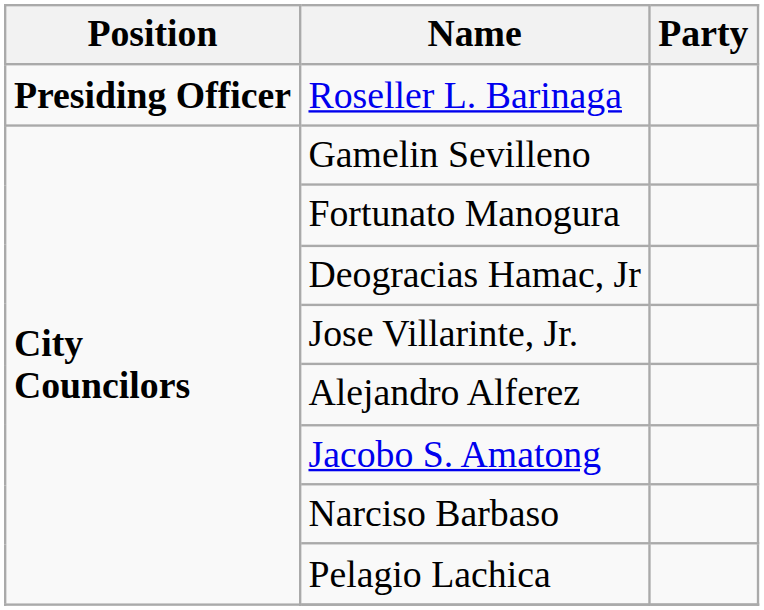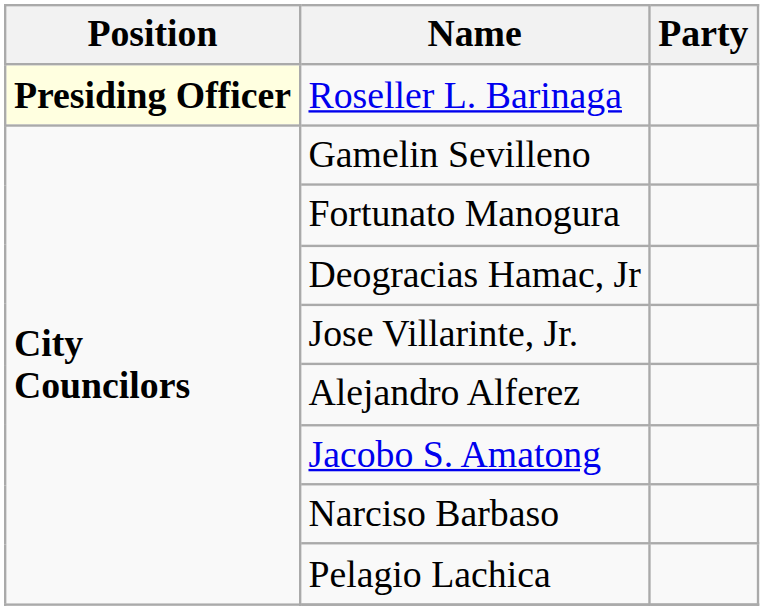 <table class=wikitable>
 <tr>
 <th>Position</th>
 <th>Name</th>
 <th colspan=2>Party</th>
 </tr>
 <tr>
-<td><strong>Presiding Officer</strong></td>
+<td style="background: lightyellow;"><strong>Presiding Officer</strong></td>
 <td><a href='#'>Roseller L. Barinaga</a></td>
 <td></td>
 </tr>
 <tr>
 <td rowspan=10><strong>City<br>Councilors</strong></td>
 <td>Gamelin Sevilleno</td>
 <td></td>
 </tr>
 <tr>
 <td>Fortunato Manogura</td>
 <td></td>
 </tr>
 <tr>
 <td>Deogracias Hamac, Jr</td>
 <td></td>
 </tr>
 <tr>
 <td>Jose Villarinte, Jr.</td>
 <td></td>
 </tr>
 <tr>
 <td>Alejandro Alferez</td>
 <td></td>
 </tr>
 <tr>
 <td><a href='#'>Jacobo S. Amatong</a></td>
 <td></td>
 </tr>
 <tr>
 <td>Narciso Barbaso</td>
 <td></td>
 </tr>
 <tr>
 <td>Pelagio Lachica</td>
 <td></td>
 </tr>
 <tr>
 </tr>
 </table>
